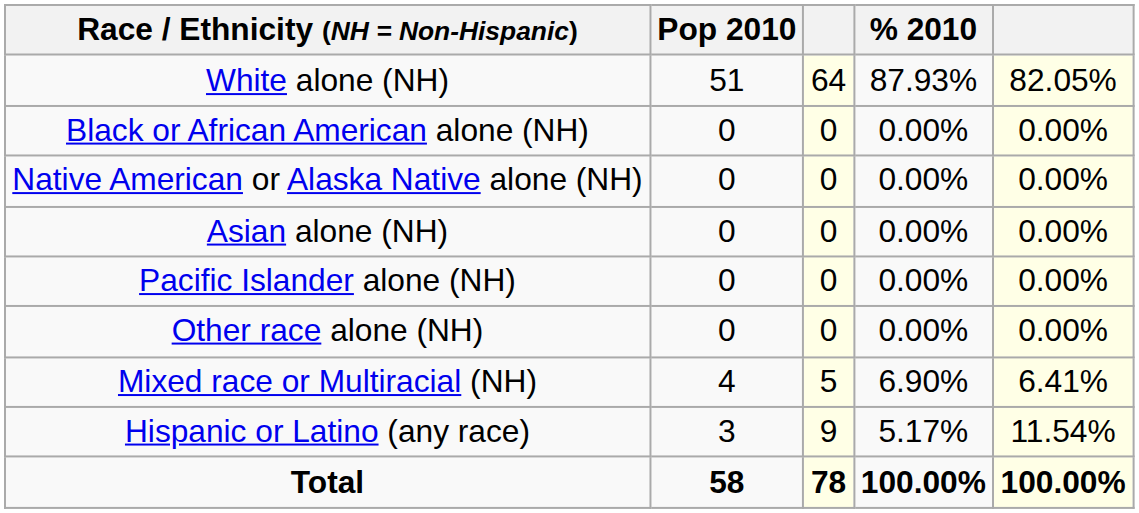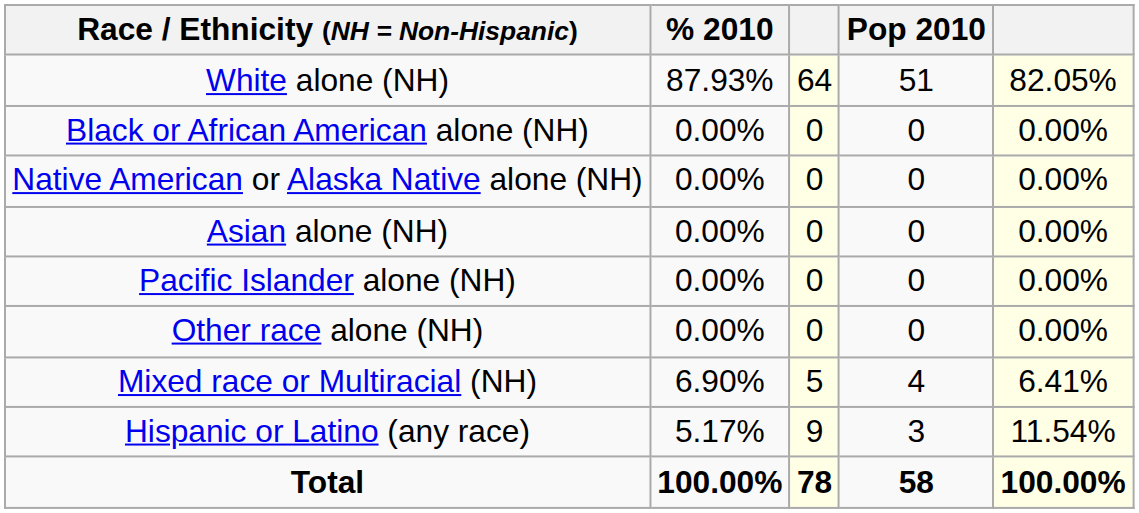 <table class="wikitable" style="text-align:center;">
 <tr>
 <th>Race / Ethnicity <small>(<em>NH = Non-Hispanic</em>)</small></th>
+<th>% 2010</th>
+<th></th>
 <th>Pop 2010</th>
-<th></th>
-<th>% 2010</th>
 <th></th>
 </tr>
 <tr>
 <td><a href='#'>White</a> alone (NH)</td>
+<td>87.93%</td>
+<td style='background: #ffffe6;'>64</td>
 <td>51</td>
-<td style='background: #ffffe6;'>64</td>
-<td>87.93%</td>
 <td style='background: #ffffe6;'>82.05%</td>
 </tr>
 <tr>
 <td><a href='#'>Black or African American</a> alone (NH)</td>
+<td>0.00%</td>
+<td style='background: #ffffe6;'>0</td>
 <td>0</td>
-<td style='background: #ffffe6;'>0</td>
-<td>0.00%</td>
 <td style='background: #ffffe6;'>0.00%</td>
 </tr>
 <tr>
 <td><a href='#'>Native American</a> or <a href='#'>Alaska Native</a> alone (NH)</td>
+<td>0.00%</td>
+<td style='background: #ffffe6;'>0</td>
 <td>0</td>
-<td style='background: #ffffe6;'>0</td>
-<td>0.00%</td>
 <td style='background: #ffffe6;'>0.00%</td>
 </tr>
 <tr>
 <td><a href='#'>Asian</a> alone (NH)</td>
+<td>0.00%</td>
+<td style='background: #ffffe6;'>0</td>
 <td>0</td>
-<td style='background: #ffffe6;'>0</td>
-<td>0.00%</td>
 <td style='background: #ffffe6;'>0.00%</td>
 </tr>
 <tr>
 <td><a href='#'>Pacific Islander</a> alone (NH)</td>
+<td>0.00%</td>
+<td style='background: #ffffe6;'>0</td>
 <td>0</td>
-<td style='background: #ffffe6;'>0</td>
-<td>0.00%</td>
 <td style='background: #ffffe6;'>0.00%</td>
 </tr>
 <tr>
 <td><a href='#'>Other race</a> alone (NH)</td>
+<td>0.00%</td>
+<td style='background: #ffffe6;'>0</td>
 <td>0</td>
-<td style='background: #ffffe6;'>0</td>
-<td>0.00%</td>
 <td style='background: #ffffe6;'>0.00%</td>
 </tr>
 <tr>
 <td><a href='#'>Mixed race or Multiracial</a> (NH)</td>
+<td>6.90%</td>
+<td style='background: #ffffe6;'>5</td>
 <td>4</td>
-<td style='background: #ffffe6;'>5</td>
-<td>6.90%</td>
 <td style='background: #ffffe6;'>6.41%</td>
 </tr>
 <tr>
 <td><a href='#'>Hispanic or Latino</a> (any race)</td>
+<td>5.17%</td>
+<td style='background: #ffffe6;'>9</td>
 <td>3</td>
-<td style='background: #ffffe6;'>9</td>
-<td>5.17%</td>
 <td style='background: #ffffe6;'>11.54%</td>
 </tr>
 <tr>
 <td><strong>Total</strong></td>
+<td><strong>100.00%</strong></td>
+<td style='background: #ffffe6;'><strong>78</strong></td>
 <td><strong>58</strong></td>
-<td style='background: #ffffe6;'><strong>78</strong></td>
-<td><strong>100.00%</strong></td>
 <td style='background: #ffffe6;'><strong>100.00%</strong></td>
 </tr>
 </table>
